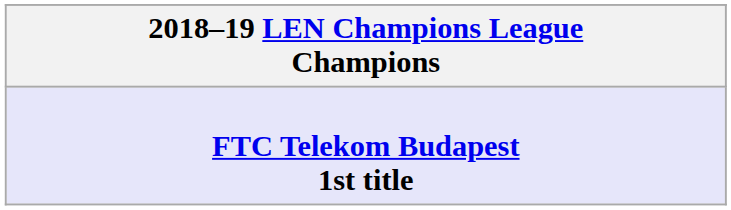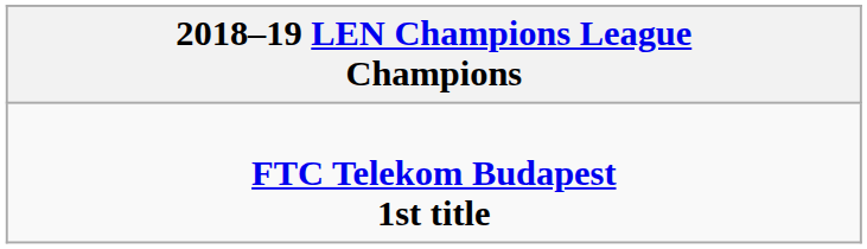 <table class="wikitable" style="margin: 0 auto; width: 30%;">
 <tr>
 <th>2018–19 <a href='#'>LEN Champions League</a><br>Champions</th>
 </tr>
 <tr>
-<td align="center" style="background: lavender;"><br><strong><a href='#'>FTC Telekom Budapest</a></strong><br><strong>1st title</strong></td>
+<td align="center"><br><strong><a href='#'>FTC Telekom Budapest</a></strong><br><strong>1st title</strong></td>
 </tr>
 </table>
